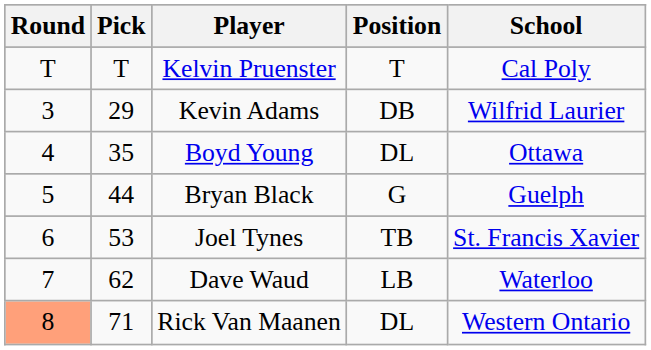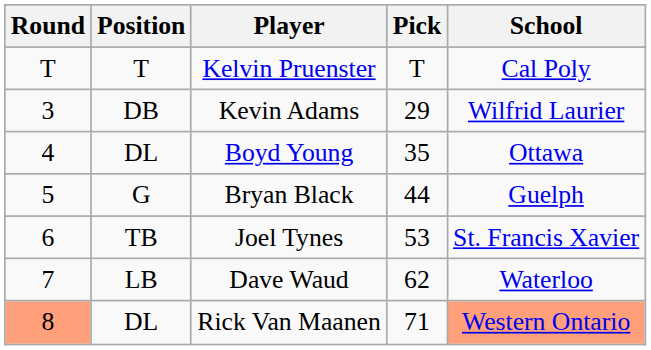 <table class="wikitable" style="font-size: 95%;">
 <tr>
 <th scope="col">Round</th>
+<th scope="col">Position</th>
+<th scope="col">Player</th>
 <th scope="col">Pick</th>
-<th scope="col">Player</th>
-<th scope="col">Position</th>
 <th scope="col">School</th>
 </tr>
 <tr align="center">
 <td align=center>T</td>
 <td>T</td>
 <td><a href='#'>Kelvin Pruenster</a></td>
 <td>T</td>
 <td><a href='#'>Cal Poly</a></td>
 </tr>
 <tr align="center">
 <td align=center>3</td>
+<td>DB</td>
+<td>Kevin Adams</td>
 <td>29</td>
-<td>Kevin Adams</td>
-<td>DB</td>
 <td><a href='#'>Wilfrid Laurier</a></td>
 </tr>
 <tr align="center">
 <td align=center>4</td>
+<td>DL</td>
+<td><a href='#'>Boyd Young</a></td>
 <td>35</td>
-<td><a href='#'>Boyd Young</a></td>
-<td>DL</td>
 <td><a href='#'>Ottawa</a></td>
 </tr>
 <tr align="center">
 <td align=center>5</td>
+<td>G</td>
+<td>Bryan Black</td>
 <td>44</td>
-<td>Bryan Black</td>
-<td>G</td>
 <td><a href='#'>Guelph</a></td>
 </tr>
 <tr align="center">
 <td align=center>6</td>
+<td>TB</td>
+<td>Joel Tynes</td>
 <td>53</td>
-<td>Joel Tynes</td>
-<td>TB</td>
 <td><a href='#'>St. Francis Xavier</a></td>
 </tr>
 <tr align="center">
 <td align=center>7</td>
+<td>LB</td>
+<td>Dave Waud</td>
 <td>62</td>
-<td>Dave Waud</td>
-<td>LB</td>
 <td><a href='#'>Waterloo</a></td>
 </tr>
 <tr align="center">
 <td align=center style="background: lightsalmon;">8</td>
+<td>DL</td>
+<td>Rick Van Maanen</td>
 <td>71</td>
-<td>Rick Van Maanen</td>
-<td>DL</td>
-<td><a href='#'>Western Ontario</a></td>
+<td style="background: lightsalmon;"><a href='#'>Western Ontario</a></td>
 </tr>
 </table>
